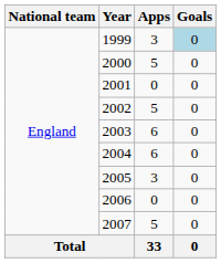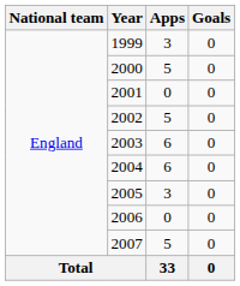 <table class="wikitable" style="text-align:center">
 <tr>
 <th>National team</th>
 <th>Year</th>
 <th>Apps</th>
 <th>Goals</th>
 </tr>
 <tr>
 <td rowspan="9"><a href='#'>England</a></td>
 <td>1999</td>
 <td>3</td>
-<td style="background: lightblue;">0</td>
+<td>0</td>
 </tr>
 <tr>
 <td>2000</td>
 <td>5</td>
 <td>0</td>
 </tr>
 <tr>
 <td>2001</td>
 <td>0</td>
 <td>0</td>
 </tr>
 <tr>
 <td>2002</td>
 <td>5</td>
 <td>0</td>
 </tr>
 <tr>
 <td>2003</td>
 <td>6</td>
 <td>0</td>
 </tr>
 <tr>
 <td>2004</td>
 <td>6</td>
 <td>0</td>
 </tr>
 <tr>
 <td>2005</td>
 <td>3</td>
 <td>0</td>
 </tr>
 <tr>
 <td>2006</td>
 <td>0</td>
 <td>0</td>
 </tr>
 <tr>
 <td>2007</td>
 <td>5</td>
 <td>0</td>
 </tr>
 <tr>
 <th colspan="2">Total</th>
 <th>33</th>
 <th>0</th>
 </tr>
 </table>
